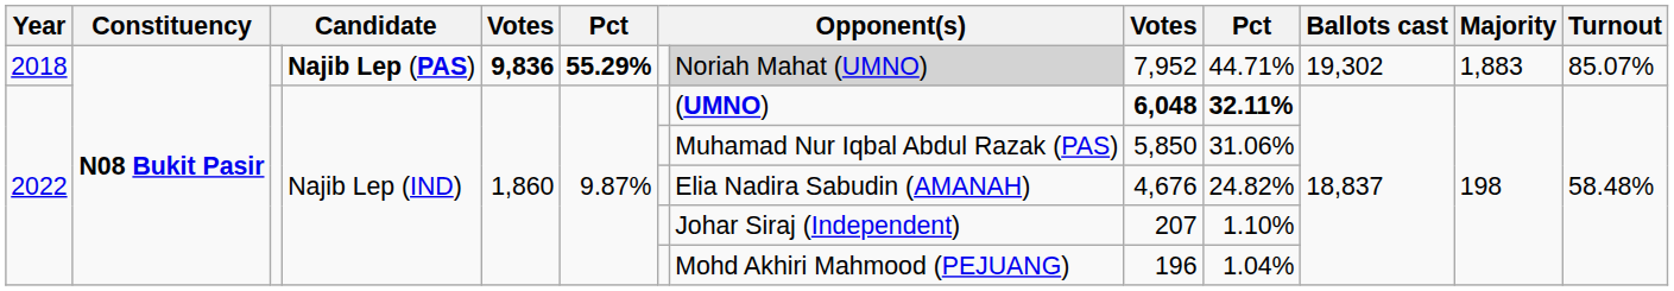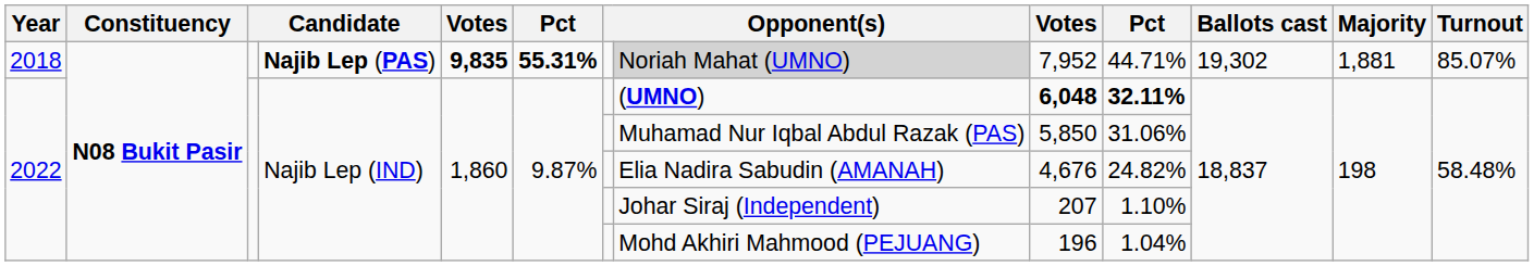 <table class="wikitable" style="margin:0.5em ; font-size:95%">
 <tr>
 <th>Year</th>
 <th>Constituency</th>
 <th colspan=2>Candidate</th>
 <th>Votes</th>
 <th>Pct</th>
 <th colspan=2>Opponent(s)</th>
 <th>Votes</th>
 <th>Pct</th>
 <th>Ballots cast</th>
 <th>Majority</th>
 <th>Turnout</th>
 </tr>
 <tr>
 <td><a href='#'>2018</a></td>
 <td rowspan=6><strong>N08 <a href='#'>Bukit Pasir</a></strong></td>
 <td></td>
 <td><strong>Najib Lep</strong> (<a href='#'><strong>PAS</strong></a>)</td>
-<td align="right"><strong>9,836</strong></td>
-<td><strong>55.29%</strong></td>
+<td align="right"><strong>9,835</strong></td>
+<td><strong>55.31%</strong></td>
 <td></td>
 <td style="background: lightgrey;">Noriah Mahat (<a href='#'>UMNO</a>)</td>
 <td align="right">7,952</td>
 <td>44.71%</td>
 <td>19,302</td>
-<td>1,883</td>
+<td>1,881</td>
 <td>85.07%</td>
 </tr>
 <tr>
 <td rowspan="5"><a href='#'>2022</a></td>
 <td rowspan="5" ></td>
 <td rowspan="5">Najib Lep (<a href='#'>IND</a>)</td>
 <td rowspan="5" align=right>1,860</td>
 <td rowspan="5" align=right>9.87%</td>
 <td></td>
 <td><strong></strong> (<a href='#'><strong>UMNO</strong></a>)</td>
 <td align=right><strong>6,048</strong></td>
 <td><strong>32.11%</strong></td>
 <td rowspan="5">18,837</td>
 <td rowspan="5">198</td>
 <td rowspan="5">58.48%</td>
 </tr>
 <tr>
 <td></td>
 <td>Muhamad Nur Iqbal Abdul Razak (<a href='#'>PAS</a>)</td>
 <td align=right>5,850</td>
 <td>31.06%</td>
 </tr>
 <tr>
 <td></td>
 <td>Elia Nadira Sabudin (<a href='#'>AMANAH</a>)</td>
 <td align=right>4,676</td>
 <td>24.82%</td>
 </tr>
 <tr>
 <td></td>
 <td>Johar Siraj (<a href='#'>Independent</a>)</td>
 <td align=right>207</td>
 <td align=right>1.10%</td>
 </tr>
 <tr>
 <td></td>
 <td>Mohd Akhiri Mahmood (<a href='#'>PEJUANG</a>)</td>
 <td align=right>196</td>
 <td align=right>1.04%</td>
 </tr>
 </table>
